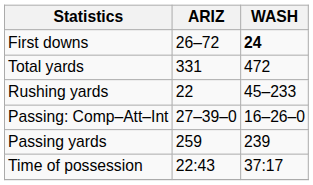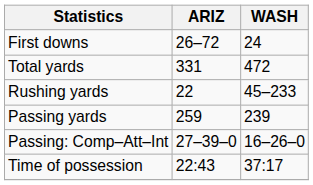 <table class="wikitable" style="float: left;">
 <tr>
 <th>Statistics</th>
 <th>ARIZ</th>
 <th>WASH</th>
 </tr>
 <tr>
 <td>First downs</td>
 <td>26–72</td>
-<td><strong>24</strong></td>
+<td>24</td>
 </tr>
 <tr>
 <td>Total yards</td>
 <td>331</td>
 <td>472</td>
 </tr>
 <tr>
 <td>Rushing yards</td>
 <td>22</td>
 <td>45–233</td>
 </tr>
 <tr>
+<td>Passing yards</td>
+<td>259</td>
+<td>239</td>
+</tr>
+<tr>
 <td>Passing: Comp–Att–Int</td>
 <td>27–39–0</td>
 <td>16–26–0</td>
-</tr>
-<tr>
-<td>Passing yards</td>
-<td>259</td>
-<td>239</td>
 </tr>
 <tr>
 <td>Time of possession</td>
 <td>22:43</td>
 <td>37:17</td>
 </tr>
 <tr>
 </tr>
 </table>
